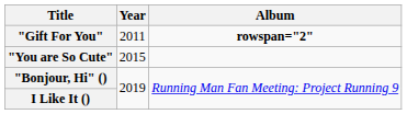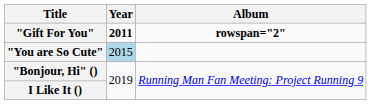 <table class="wikitable plainrowheaders" style="text-align:center">
 <tr>
 <th scope="col">Title</th>
 <th scope="col">Year</th>
 <th scope="col">Album</th>
 </tr>
 <tr>
 <th scope="row">"Gift For You"<br></th>
-<td>2011</td>
+<td><strong>2011</strong></td>
 <td><strong>rowspan="2" </strong></td>
 </tr>
 <tr>
 <th scope="row">"You are So Cute"<br></th>
-<td>2015</td>
+<td style="background: lightblue;">2015</td>
 </tr>
 <tr>
 <th scope="row">"Bonjour, Hi" ()<br></th>
 <td rowspan="2">2019</td>
 <td rowspan="2"><em><a href='#'>Running Man Fan Meeting: Project Running 9</a></em></td>
 </tr>
 <tr>
 <th scope="row">I Like It ()<br></th>
 </tr>
 </table>
